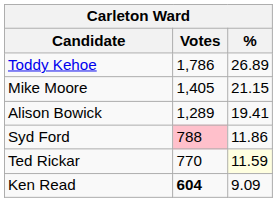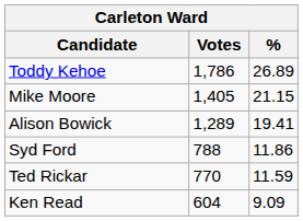 <table class="wikitable">
 <tr>
 <th colspan="3">Carleton Ward</th>
 </tr>
 <tr>
 <th style="width: 170px">Candidate</th>
 <th style="width: 50px">Votes</th>
 <th style="width: 40px">%</th>
 </tr>
 <tr>
 <td><a href='#'>Toddy Kehoe</a></td>
 <td>1,786</td>
 <td>26.89</td>
 </tr>
 <tr>
 <td>Mike Moore</td>
 <td>1,405</td>
 <td>21.15</td>
 </tr>
 <tr>
 <td>Alison Bowick</td>
 <td>1,289</td>
 <td>19.41</td>
 </tr>
 <tr>
 <td>Syd Ford</td>
-<td style="background: pink;">788</td>
+<td>788</td>
 <td>11.86</td>
 </tr>
 <tr>
 <td>Ted Rickar</td>
 <td>770</td>
-<td style="background: lightyellow;">11.59</td>
+<td>11.59</td>
 </tr>
 <tr>
 <td>Ken Read</td>
-<td><strong>604</strong></td>
+<td>604</td>
 <td>9.09</td>
 </tr>
 </table>
